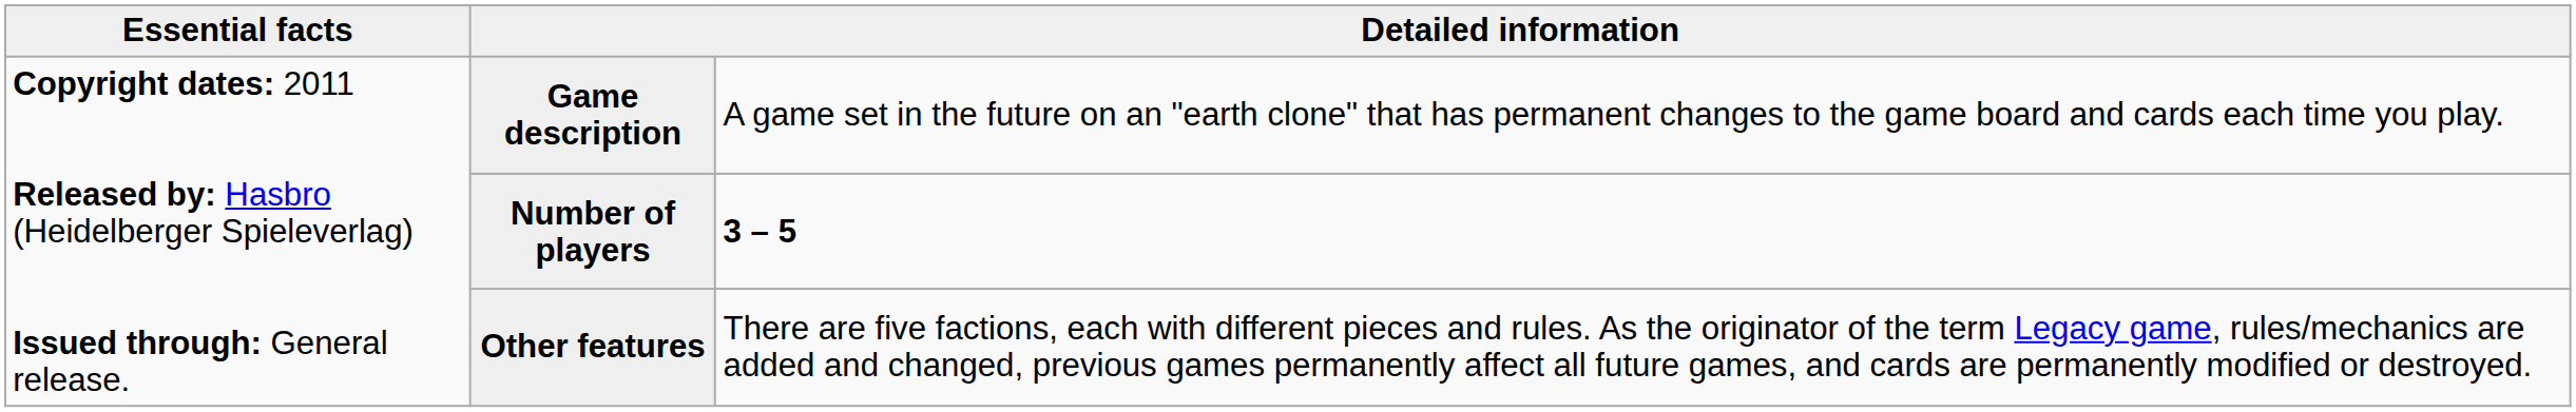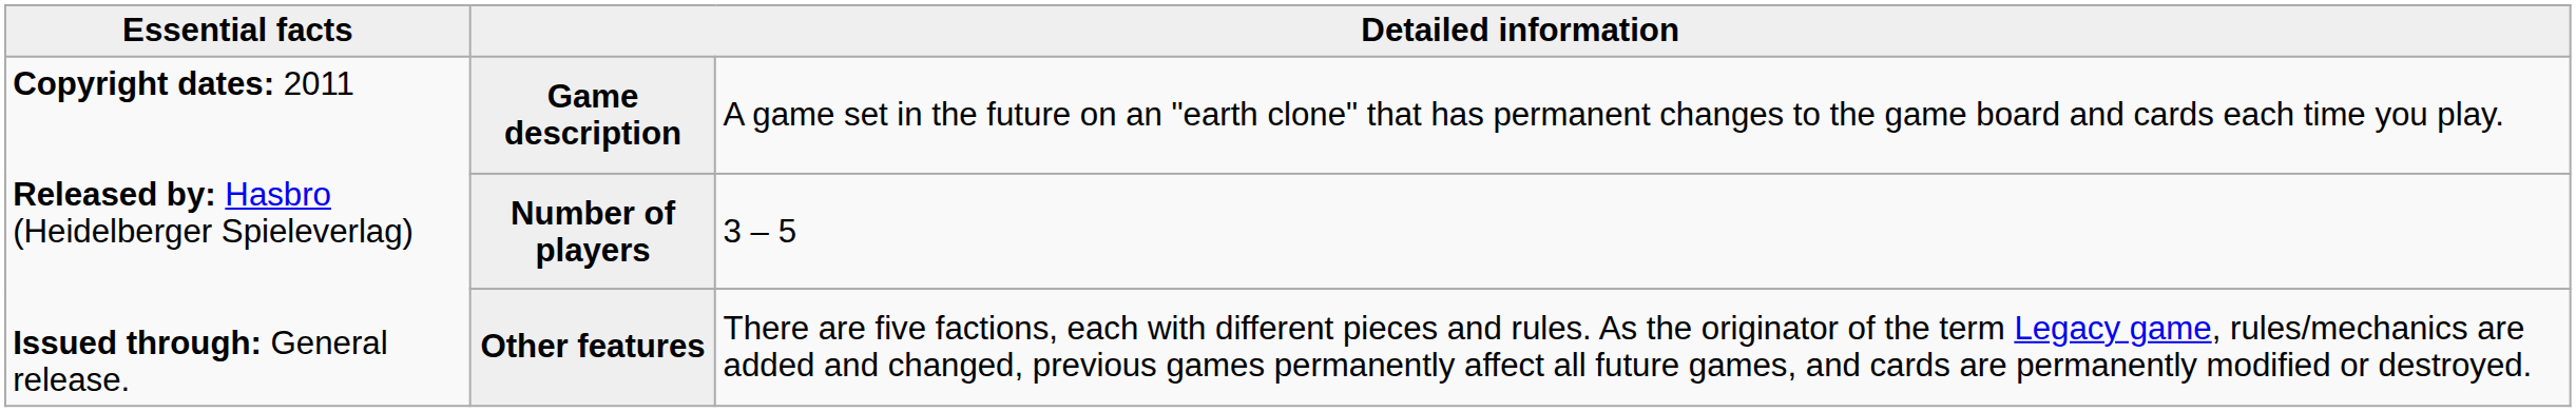 <table class="wikitable">
 <tr>
 <th style="background:#efefef;">Essential facts</th>
 <th style="background:#efefef;" colspan=2>Detailed information</th>
 </tr>
 <tr>
 <td rowspan=3><strong>Copyright dates:</strong> 2011<br><br><br> <strong>Released by:</strong> <a href='#'>Hasbro</a> (Heidelberger Spieleverlag) <br><br><br> <strong>Issued through:</strong> General release.</td>
 <th style="background:#efefef;">Game description</th>
 <td>A game set in the future on an "earth clone" that has permanent changes to the game board and cards each time you play.</td>
 </tr>
 <tr>
 <th style="background:#efefef;">Number of players</th>
-<td><strong>3 – 5</strong></td>
+<td>3 – 5</td>
 </tr>
 <tr>
 <th style="background:#efefef;">Other features</th>
 <td>There are five factions, each with different pieces and rules. As the originator of the term <a href='#'>Legacy game</a>, rules/mechanics are added and changed, previous games permanently affect all future games, and cards are permanently modified or destroyed.</td>
 </tr>
 </table>
